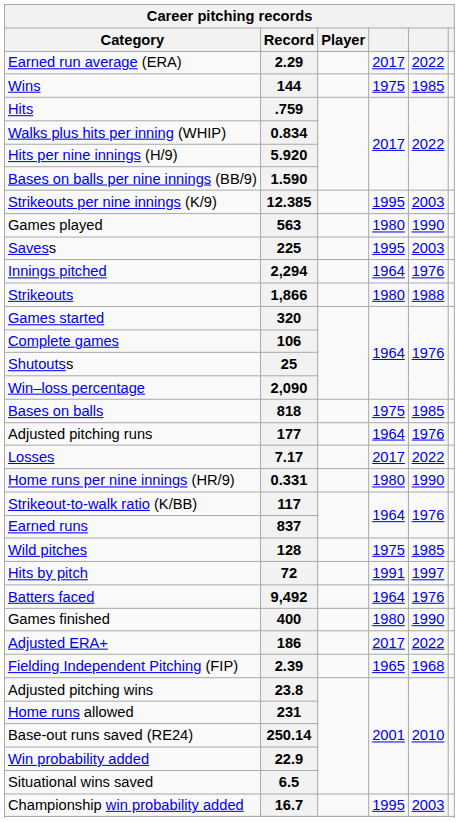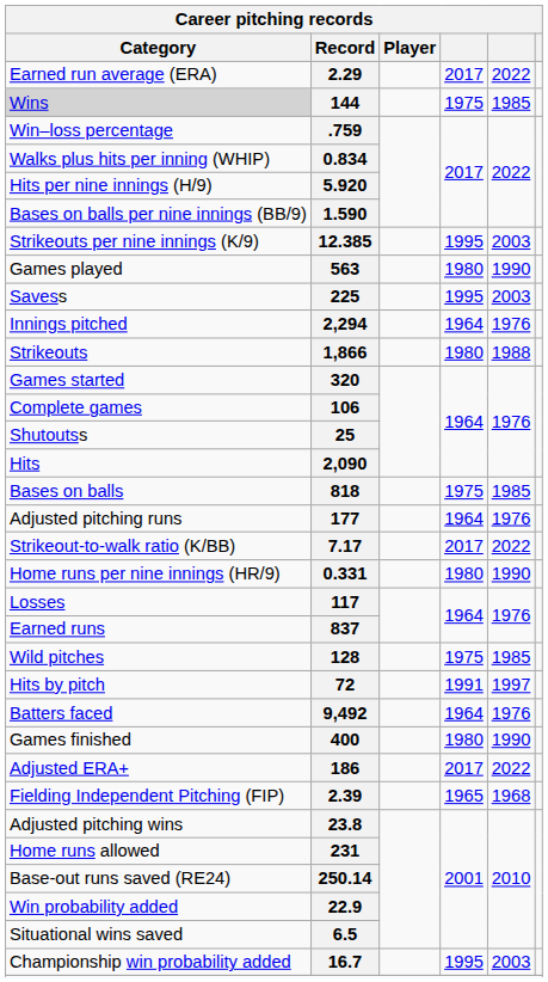 <table class="wikitable sortable" style="font-size: 90%">
 <tr>
 <th colspan=6><strong>Career pitching records</strong></th>
 </tr>
 <tr>
 <th>Category</th>
 <th>Record</th>
 <th align="center">Player</th>
 <th align="center"></th>
 <th align="center"></th>
 <th></th>
 </tr>
 <tr>
 <td><a href='#'>Earned run average</a> (ERA)</td>
 <th align="center">2.29</th>
 <td align="center"></td>
 <td align="center"><a href='#'>2017</a></td>
 <td align="center"><a href='#'>2022</a></td>
 <td align="center"></td>
 </tr>
 <tr>
-<td><a href='#'>Wins</a></td>
+<td style="background: lightgrey;"><a href='#'>Wins</a></td>
 <th align="center">144</th>
 <td align="center"></td>
 <td align="center"><a href='#'>1975</a></td>
 <td align="center"><a href='#'>1985</a></td>
 <td align="center"></td>
 </tr>
 <tr>
-<td><a href='#'>Hits</a></td>
+<td><a href='#'>Win–loss percentage</a></td>
 <th align="center">.759</th>
 <td rowspan="4" align="center"></td>
 <td rowspan="4" align="center"><a href='#'>2017</a></td>
 <td rowspan="4" align="center"><a href='#'>2022</a></td>
 <td rowspan="4" align="center"></td>
 </tr>
 <tr>
 <td><a href='#'>Walks plus hits per inning</a> (WHIP)</td>
 <th align="center">0.834</th>
 </tr>
 <tr>
 <td><a href='#'>Hits per nine innings</a> (H/9)</td>
 <th align="center">5.920</th>
 </tr>
 <tr>
 <td><a href='#'>Bases on balls per nine innings</a> (BB/9)</td>
 <th align="center">1.590</th>
 </tr>
 <tr>
 <td><a href='#'>Strikeouts per nine innings</a> (K/9)</td>
 <th align="center">12.385</th>
 <td align="center"></td>
 <td align="center"><a href='#'>1995</a></td>
 <td align="center"><a href='#'>2003</a></td>
 <td align="center"></td>
 </tr>
 <tr>
 <td>Games played</td>
 <th align="center">563</th>
 <td align="center"></td>
 <td align="center"><a href='#'>1980</a></td>
 <td align="center"><a href='#'>1990</a></td>
 <td align="center"></td>
 </tr>
 <tr>
 <td><a href='#'>Saves</a>s</td>
 <th align="center">225</th>
 <td align="center"></td>
 <td align="center"><a href='#'>1995</a></td>
 <td align="center"><a href='#'>2003</a></td>
 <td align="center"></td>
 </tr>
 <tr>
 <td><a href='#'>Innings pitched</a></td>
 <th align="center">2,294</th>
 <td align="center"></td>
 <td align="center"><a href='#'>1964</a></td>
 <td align="center"><a href='#'>1976</a></td>
 <td align="center"></td>
 </tr>
 <tr>
 <td><a href='#'>Strikeouts</a></td>
 <th align="center">1,866</th>
 <td align="center"></td>
 <td align="center"><a href='#'>1980</a></td>
 <td align="center"><a href='#'>1988</a></td>
 <td align="center"></td>
 </tr>
 <tr>
 <td><a href='#'>Games started</a></td>
 <th align="center">320</th>
 <td rowspan="4" align="center"></td>
 <td rowspan="4" align="center"><a href='#'>1964</a></td>
 <td rowspan="4" align="center"><a href='#'>1976</a></td>
 <td rowspan="4" align="center"></td>
 </tr>
 <tr>
 <td><a href='#'>Complete games</a></td>
 <th align="center">106</th>
 </tr>
 <tr>
 <td><a href='#'>Shutouts</a>s</td>
 <th align="center">25</th>
 </tr>
 <tr>
-<td><a href='#'>Win–loss percentage</a></td>
+<td><a href='#'>Hits</a></td>
 <th align="center">2,090</th>
 </tr>
 <tr>
 <td><a href='#'>Bases on balls</a></td>
 <th align="center">818</th>
 <td align="center"></td>
 <td align="center"><a href='#'>1975</a></td>
 <td align="center"><a href='#'>1985</a></td>
 <td align="center"></td>
 </tr>
 <tr>
 <td>Adjusted pitching runs</td>
 <th align="center">177</th>
 <td align="center"></td>
 <td align="center"><a href='#'>1964</a></td>
 <td align="center"><a href='#'>1976</a></td>
 <td align="center"></td>
 </tr>
 <tr>
-<td><a href='#'>Losses</a></td>
+<td><a href='#'>Strikeout-to-walk ratio</a> (K/BB)</td>
 <th align="center">7.17</th>
 <td align="center"></td>
 <td align="center"><a href='#'>2017</a></td>
 <td align="center"><a href='#'>2022</a></td>
 <td align="center"></td>
 </tr>
 <tr>
 <td><a href='#'>Home runs per nine innings</a> (HR/9)</td>
 <th align="center">0.331</th>
 <td align="center"></td>
 <td align="center"><a href='#'>1980</a></td>
 <td align="center"><a href='#'>1990</a></td>
 <td align="center"></td>
 </tr>
 <tr>
-<td><a href='#'>Strikeout-to-walk ratio</a> (K/BB)</td>
+<td><a href='#'>Losses</a></td>
 <th align="center">117</th>
 <td rowspan="2" align="center"></td>
 <td rowspan="2" align="center"><a href='#'>1964</a></td>
 <td rowspan="2" align="center"><a href='#'>1976</a></td>
 <td rowspan="2" align="center"></td>
 </tr>
 <tr>
 <td><a href='#'>Earned runs</a></td>
 <th align="center">837</th>
 </tr>
 <tr>
 <td><a href='#'>Wild pitches</a></td>
 <th align="center">128</th>
 <td align="center"></td>
 <td align="center"><a href='#'>1975</a></td>
 <td align="center"><a href='#'>1985</a></td>
 <td align="center"></td>
 </tr>
 <tr>
 <td><a href='#'>Hits by pitch</a></td>
 <th align="center">72</th>
 <td align="center"></td>
 <td align="center"><a href='#'>1991</a></td>
 <td align="center"><a href='#'>1997</a></td>
 <td align="center"></td>
 </tr>
 <tr>
 <td><a href='#'>Batters faced</a></td>
 <th align="center">9,492</th>
 <td align="center"></td>
 <td align="center"><a href='#'>1964</a></td>
 <td align="center"><a href='#'>1976</a></td>
 <td align="center"></td>
 </tr>
 <tr>
 <td>Games finished</td>
 <th align="center">400</th>
 <td align="center"></td>
 <td align="center"><a href='#'>1980</a></td>
 <td align="center"><a href='#'>1990</a></td>
 <td align="center"></td>
 </tr>
 <tr>
 <td><a href='#'>Adjusted ERA+</a></td>
 <th align="center">186</th>
 <td align="center"></td>
 <td align="center"><a href='#'>2017</a></td>
 <td align="center"><a href='#'>2022</a></td>
 <td align="center"></td>
 </tr>
 <tr>
 <td><a href='#'>Fielding Independent Pitching</a> (FIP)</td>
 <th align="center">2.39</th>
 <td align="center"></td>
 <td align="center"><a href='#'>1965</a></td>
 <td align="center"><a href='#'>1968</a></td>
 <td align="center"></td>
 </tr>
 <tr>
 <td>Adjusted pitching wins</td>
 <th align="center">23.8</th>
 <td rowspan="5" align="center"></td>
 <td rowspan="5" align="center"><a href='#'>2001</a></td>
 <td rowspan="5" align="center"><a href='#'>2010</a></td>
 <td rowspan="5" align="center"></td>
 </tr>
 <tr>
 <td><a href='#'>Home runs</a> allowed</td>
 <th align="center">231</th>
 </tr>
 <tr>
 <td>Base-out runs saved (RE24)</td>
 <th align="center">250.14</th>
 </tr>
 <tr>
 <td><a href='#'>Win probability added</a></td>
 <th align="center">22.9</th>
 </tr>
 <tr>
 <td>Situational wins saved</td>
 <th align="center">6.5</th>
 </tr>
 <tr>
 <td>Championship <a href='#'>win probability added</a></td>
 <th align="center">16.7</th>
 <td align="center"></td>
 <td align="center"><a href='#'>1995</a></td>
 <td align="center"><a href='#'>2003</a></td>
 <td align="center"></td>
 </tr>
 <tr>
 </tr>
 <tr>
 </tr>
 </table>
